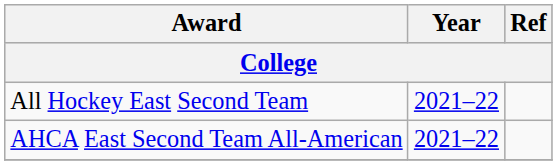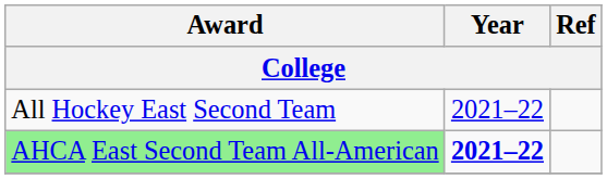 <table class="wikitable">
 <tr>
 <th>Award</th>
 <th>Year</th>
 <th>Ref</th>
 </tr>
 <tr ALIGN="center" bgcolor="#e0e0e0">
 <th colspan="3"><a href='#'>College</a></th>
 </tr>
 <tr>
 <td>All <a href='#'>Hockey East</a> <a href='#'>Second Team</a></td>
 <td><a href='#'>2021–22</a></td>
 <td></td>
 </tr>
 <tr>
-<td><a href='#'>AHCA</a> <a href='#'>East Second Team All-American</a></td>
-<td><a href='#'>2021–22</a></td>
+<td style="background: lightgreen;"><a href='#'>AHCA</a> <a href='#'>East Second Team All-American</a></td>
+<td><strong><a href='#'>2021–22</a></strong></td>
 <td></td>
 </tr>
 <tr>
 </tr>
 </table>
